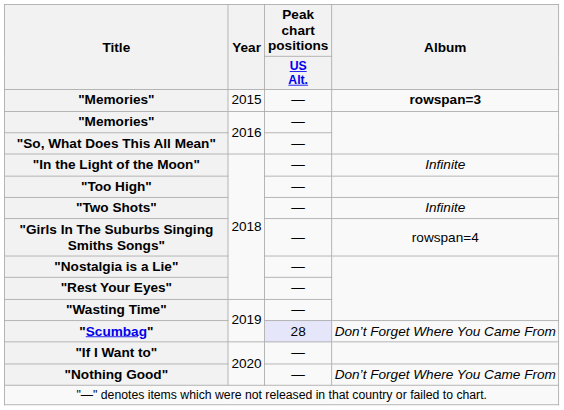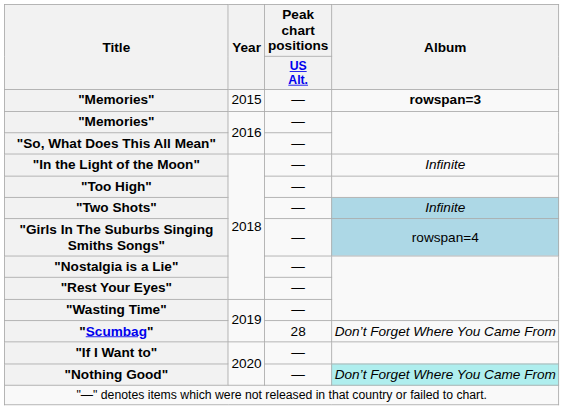 <table class="wikitable plainrowheaders" style="text-align:center;">
 <tr>
 <th scope="col" rowspan="2" style="width:16em;">Title</th>
 <th scope="col" rowspan="2">Year</th>
 <th scope="col" colspan="1">Peak chart positions</th>
 <th scope="col" rowspan="2">Album</th>
 </tr>
 <tr>
 <th scope="col" style="width:2.5em;font-size:90%;"><a href='#'>US<br>Alt.</a></th>
 </tr>
 <tr>
 <th scope="row">"Memories"</th>
 <td>2015</td>
 <td>—</td>
 <td><strong>rowspan=3 </strong></td>
 </tr>
 <tr>
 <th scope="row">"Memories"<br></th>
 <td rowspan=2>2016</td>
 <td>—</td>
 </tr>
 <tr>
 <th scope="row">"So, What Does This All Mean"</th>
 <td>—</td>
 </tr>
 <tr>
 <th scope="row">"In the Light of the Moon"<br></th>
 <td rowspan=6>2018</td>
 <td>—</td>
 <td><em>Infinite</em></td>
 </tr>
 <tr>
 <th scope="row">"Too High"<br></th>
 <td>—</td>
 <td></td>
 </tr>
 <tr>
 <th scope="row">"Two Shots"<br></th>
 <td>—</td>
-<td><em>Infinite</em></td>
+<td style="background: lightblue;"><em>Infinite</em></td>
 </tr>
 <tr>
 <th scope="row">"Girls In The Suburbs Singing Smiths Songs"<br></th>
 <td>—</td>
-<td>rowspan=4 </td>
+<td style="background: lightblue;">rowspan=4 </td>
 </tr>
 <tr>
 <th scope="row">"Nostalgia is a Lie"</th>
 <td>—</td>
 </tr>
 <tr>
 <th scope="row">"Rest Your Eyes"</th>
 <td>—</td>
 </tr>
 <tr>
 <th scope="row">"Wasting Time"</th>
 <td rowspan=2>2019</td>
 <td>—</td>
 </tr>
 <tr>
 <th scope="row">"<a href='#'>Scumbag</a>"<br></th>
-<td style="background: lavender;">28</td>
+<td>28</td>
 <td><em>Don’t Forget Where You Came From</em></td>
 </tr>
 <tr>
 <th scope="row">"If I Want to"</th>
 <td rowspan=2>2020</td>
 <td>—</td>
 <td></td>
 </tr>
 <tr>
 <th scope="row">"Nothing Good"<br></th>
 <td>—</td>
-<td><em>Don’t Forget Where You Came From</em></td>
+<td style="background: paleturquoise;"><em>Don’t Forget Where You Came From</em></td>
 </tr>
 <tr>
 <td colspan="15" style="font-size:90%;">"—" denotes items which were not released in that country or failed to chart.</td>
 </tr>
 </table>
